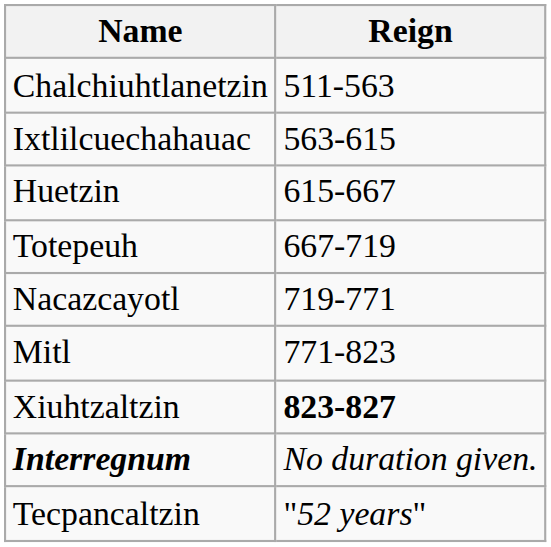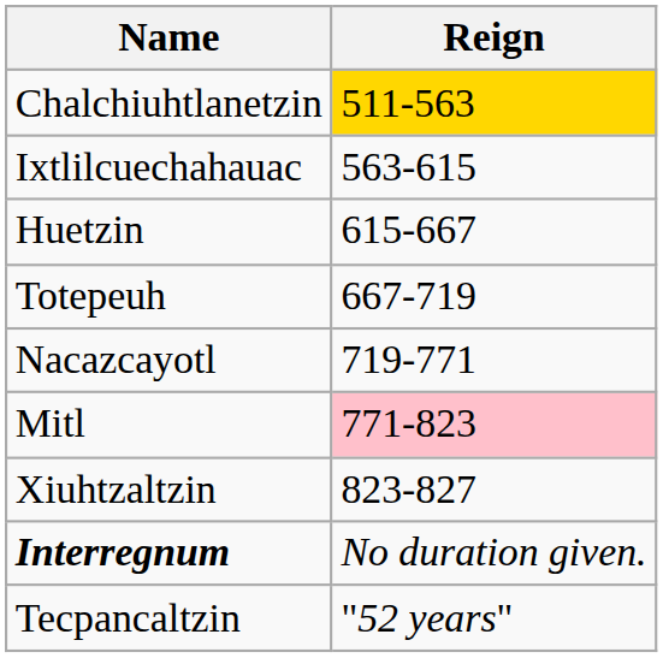 <table class="wikitable">
 <tr>
 <th>Name</th>
 <th>Reign</th>
 </tr>
 <tr>
 <td>Chalchiuhtlanetzin</td>
-<td>511-563</td>
+<td style="background: gold;">511-563</td>
 </tr>
 <tr>
 <td>Ixtlilcuechahauac</td>
 <td>563-615</td>
 </tr>
 <tr>
 <td>Huetzin</td>
 <td>615-667</td>
 </tr>
 <tr>
 <td>Totepeuh</td>
 <td>667-719</td>
 </tr>
 <tr>
 <td>Nacazcayotl</td>
 <td>719-771</td>
 </tr>
 <tr>
 <td>Mitl</td>
-<td>771-823</td>
+<td style="background: pink;">771-823</td>
 </tr>
 <tr>
 <td>Xiuhtzaltzin</td>
-<td><strong>823-827</strong></td>
+<td>823-827</td>
 </tr>
 <tr>
 <td><strong><em>Interregnum</em></strong></td>
 <td><em>No duration given.</em></td>
 </tr>
 <tr>
 <td>Tecpancaltzin</td>
 <td>"<em>52 years</em>"</td>
 </tr>
 </table>
